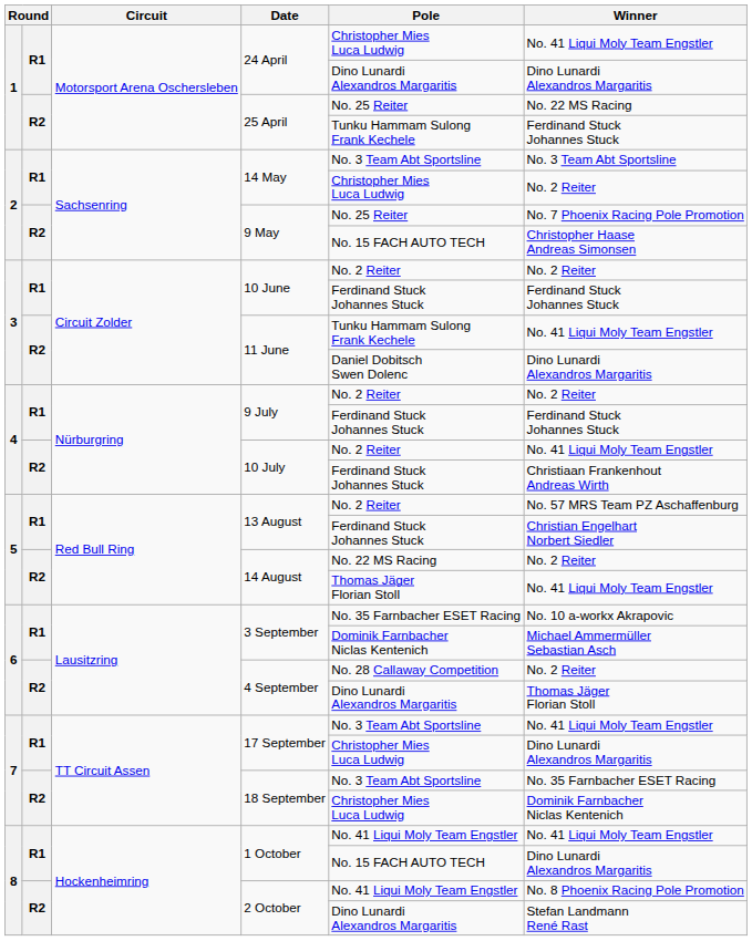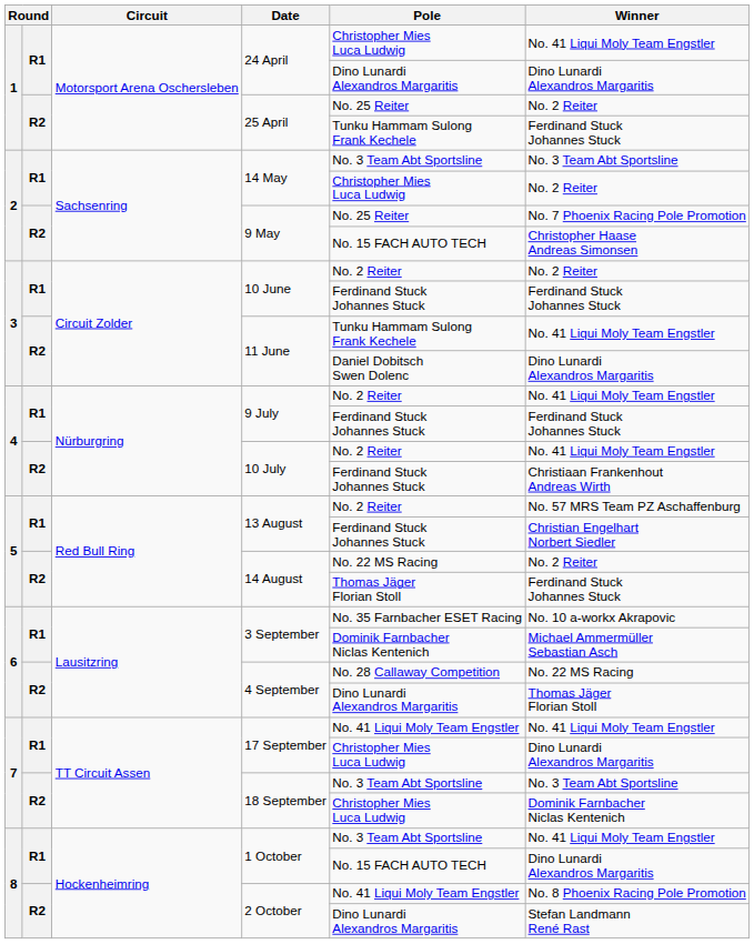 <table class="wikitable" style="font-size: 85%;">
 <tr>
 <th colspan=2>Round</th>
 <th>Circuit</th>
 <th>Date</th>
 <th>Pole</th>
 <th>Winner</th>
 </tr>
 <tr>
 <th rowspan=4>1</th>
 <th rowspan=2>R1</th>
 <td rowspan=4> <a href='#'>Motorsport Arena Oschersleben</a></td>
 <td rowspan=2>24 April</td>
 <td> <a href='#'>Christopher Mies</a><br> <a href='#'>Luca Ludwig</a></td>
 <td>No. 41 <a href='#'>Liqui Moly Team Engstler</a></td>
 </tr>
 <tr>
 <td> Dino Lunardi<br> <a href='#'>Alexandros Margaritis</a></td>
 <td> Dino Lunardi<br> <a href='#'>Alexandros Margaritis</a></td>
 </tr>
 <tr>
 <th rowspan=2>R2</th>
 <td rowspan=2>25 April</td>
 <td>No. 25 <a href='#'>Reiter</a></td>
-<td>No. 22 MS Racing</td>
+<td>No. 2 <a href='#'>Reiter</a></td>
 </tr>
 <tr>
 <td> Tunku Hammam Sulong<br> <a href='#'>Frank Kechele</a></td>
 <td> Ferdinand Stuck<br> Johannes Stuck</td>
 </tr>
 <tr>
 <th rowspan=4>2</th>
 <th rowspan=2>R1</th>
 <td rowspan=4> <a href='#'>Sachsenring</a></td>
 <td rowspan=2>14 May</td>
 <td>No. 3 <a href='#'>Team Abt Sportsline</a></td>
 <td>No. 3 <a href='#'>Team Abt Sportsline</a></td>
 </tr>
 <tr>
 <td> <a href='#'>Christopher Mies</a><br> <a href='#'>Luca Ludwig</a></td>
 <td>No. 2 <a href='#'>Reiter</a></td>
 </tr>
 <tr>
 <th rowspan=2>R2</th>
 <td rowspan=2>9 May</td>
 <td>No. 25 <a href='#'>Reiter</a></td>
 <td>No. 7 <a href='#'>Phoenix Racing Pole Promotion</a></td>
 </tr>
 <tr>
 <td>No. 15 FACH AUTO TECH</td>
 <td> <a href='#'>Christopher Haase</a><br> <a href='#'>Andreas Simonsen</a></td>
 </tr>
 <tr>
 <th rowspan=4>3</th>
 <th rowspan=2>R1</th>
 <td rowspan=4> <a href='#'>Circuit Zolder</a></td>
 <td rowspan=2>10 June</td>
 <td>No. 2 <a href='#'>Reiter</a></td>
 <td>No. 2 <a href='#'>Reiter</a></td>
 </tr>
 <tr>
 <td> Ferdinand Stuck<br> Johannes Stuck</td>
 <td> Ferdinand Stuck<br> Johannes Stuck</td>
 </tr>
 <tr>
 <th rowspan=2>R2</th>
 <td rowspan=2>11 June</td>
 <td> Tunku Hammam Sulong<br> <a href='#'>Frank Kechele</a></td>
 <td>No. 41 <a href='#'>Liqui Moly Team Engstler</a></td>
 </tr>
 <tr>
 <td> Daniel Dobitsch<br> Swen Dolenc</td>
 <td> Dino Lunardi<br> <a href='#'>Alexandros Margaritis</a></td>
 </tr>
 <tr>
 <th rowspan=4>4</th>
 <th rowspan=2>R1</th>
 <td rowspan=4> <a href='#'>Nürburgring</a></td>
 <td rowspan=2>9 July</td>
 <td>No. 2 <a href='#'>Reiter</a></td>
-<td>No. 2 <a href='#'>Reiter</a></td>
+<td>No. 41 <a href='#'>Liqui Moly Team Engstler</a></td>
 </tr>
 <tr>
 <td> Ferdinand Stuck<br> Johannes Stuck</td>
 <td> Ferdinand Stuck<br> Johannes Stuck</td>
 </tr>
 <tr>
 <th rowspan=2>R2</th>
 <td rowspan=2>10 July</td>
 <td>No. 2 <a href='#'>Reiter</a></td>
 <td>No. 41 <a href='#'>Liqui Moly Team Engstler</a></td>
 </tr>
 <tr>
 <td> Ferdinand Stuck<br> Johannes Stuck</td>
 <td> Christiaan Frankenhout<br> <a href='#'>Andreas Wirth</a></td>
 </tr>
 <tr>
 <th rowspan=4>5</th>
 <th rowspan=2>R1</th>
 <td rowspan=4> <a href='#'>Red Bull Ring</a></td>
 <td rowspan=2>13 August</td>
 <td>No. 2 <a href='#'>Reiter</a></td>
 <td>No. 57 MRS Team PZ Aschaffenburg</td>
 </tr>
 <tr>
 <td> Ferdinand Stuck<br> Johannes Stuck</td>
 <td> <a href='#'>Christian Engelhart</a><br> <a href='#'>Norbert Siedler</a></td>
 </tr>
 <tr>
 <th rowspan=2>R2</th>
 <td rowspan=2>14 August</td>
 <td>No. 22 MS Racing</td>
 <td>No. 2 <a href='#'>Reiter</a></td>
 </tr>
 <tr>
 <td> <a href='#'>Thomas Jäger</a><br> Florian Stoll</td>
-<td>No. 41 <a href='#'>Liqui Moly Team Engstler</a></td>
+<td> Ferdinand Stuck<br> Johannes Stuck</td>
 </tr>
 <tr>
 <th rowspan=4>6</th>
 <th rowspan=2>R1</th>
 <td rowspan=4> <a href='#'>Lausitzring</a></td>
 <td rowspan=2>3 September</td>
 <td>No. 35 Farnbacher ESET Racing</td>
 <td>No. 10 a-workx Akrapovic</td>
 </tr>
 <tr>
 <td> <a href='#'>Dominik Farnbacher</a><br> Niclas Kentenich</td>
 <td> <a href='#'>Michael Ammermüller</a><br> <a href='#'>Sebastian Asch</a></td>
 </tr>
 <tr>
 <th rowspan=2>R2</th>
 <td rowspan=2>4 September</td>
 <td>No. 28 <a href='#'>Callaway Competition</a></td>
-<td>No. 2 <a href='#'>Reiter</a></td>
+<td>No. 22 MS Racing</td>
 </tr>
 <tr>
 <td> Dino Lunardi<br> <a href='#'>Alexandros Margaritis</a></td>
 <td> <a href='#'>Thomas Jäger</a><br> Florian Stoll</td>
 </tr>
 <tr>
 <th rowspan=4>7</th>
 <th rowspan=2>R1</th>
 <td rowspan=4> <a href='#'>TT Circuit Assen</a></td>
 <td rowspan=2>17 September</td>
-<td>No. 3 <a href='#'>Team Abt Sportsline</a></td>
+<td>No. 41 <a href='#'>Liqui Moly Team Engstler</a></td>
 <td>No. 41 <a href='#'>Liqui Moly Team Engstler</a></td>
 </tr>
 <tr>
 <td> <a href='#'>Christopher Mies</a><br> <a href='#'>Luca Ludwig</a></td>
 <td> Dino Lunardi<br> <a href='#'>Alexandros Margaritis</a></td>
 </tr>
 <tr>
 <th rowspan=2>R2</th>
 <td rowspan=2>18 September</td>
 <td>No. 3 <a href='#'>Team Abt Sportsline</a></td>
-<td>No. 35 Farnbacher ESET Racing</td>
+<td>No. 3 <a href='#'>Team Abt Sportsline</a></td>
 </tr>
 <tr>
 <td> <a href='#'>Christopher Mies</a><br> <a href='#'>Luca Ludwig</a></td>
 <td> <a href='#'>Dominik Farnbacher</a><br> Niclas Kentenich</td>
 </tr>
 <tr>
 <th rowspan=4>8</th>
 <th rowspan=2>R1</th>
 <td rowspan=4> <a href='#'>Hockenheimring</a></td>
 <td rowspan=2>1 October</td>
-<td>No. 41 <a href='#'>Liqui Moly Team Engstler</a></td>
+<td>No. 3 <a href='#'>Team Abt Sportsline</a></td>
 <td>No. 41 <a href='#'>Liqui Moly Team Engstler</a></td>
 </tr>
 <tr>
 <td>No. 15 FACH AUTO TECH</td>
 <td> Dino Lunardi<br> <a href='#'>Alexandros Margaritis</a></td>
 </tr>
 <tr>
 <th rowspan=2>R2</th>
 <td rowspan=2>2 October</td>
 <td>No. 41 <a href='#'>Liqui Moly Team Engstler</a></td>
 <td>No. 8 <a href='#'>Phoenix Racing Pole Promotion</a></td>
 </tr>
 <tr>
 <td> Dino Lunardi<br> <a href='#'>Alexandros Margaritis</a></td>
 <td> Stefan Landmann<br> <a href='#'>René Rast</a></td>
 </tr>
 </table>
